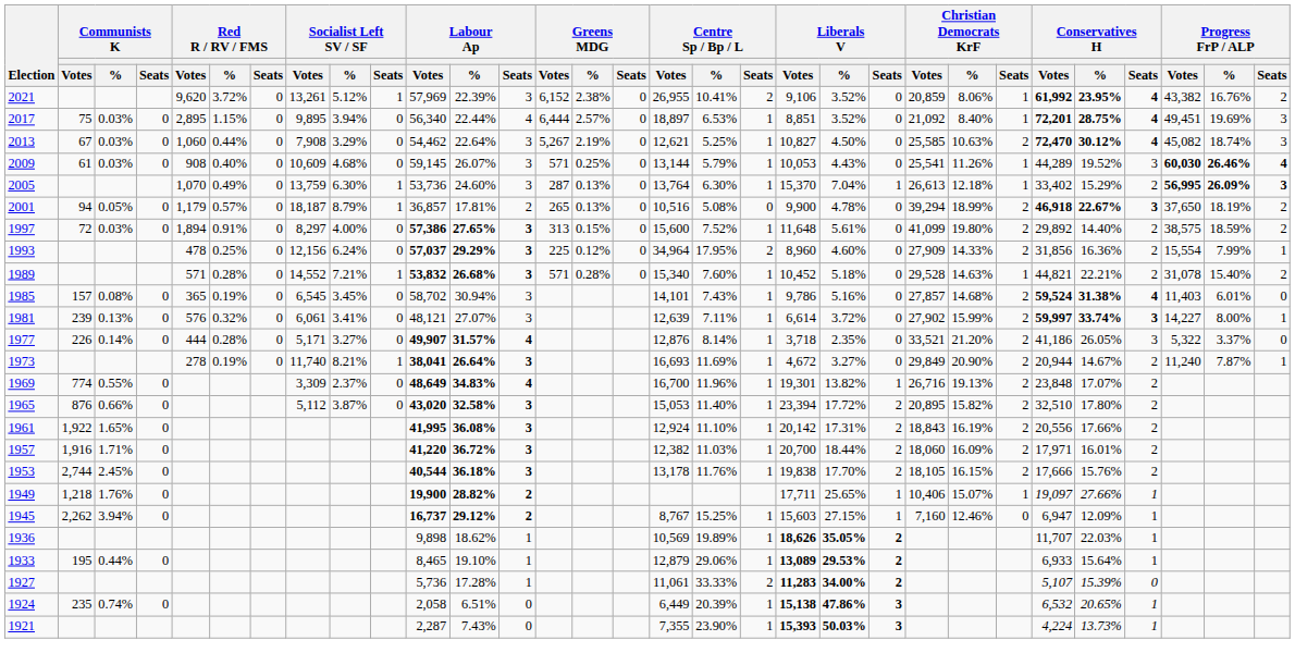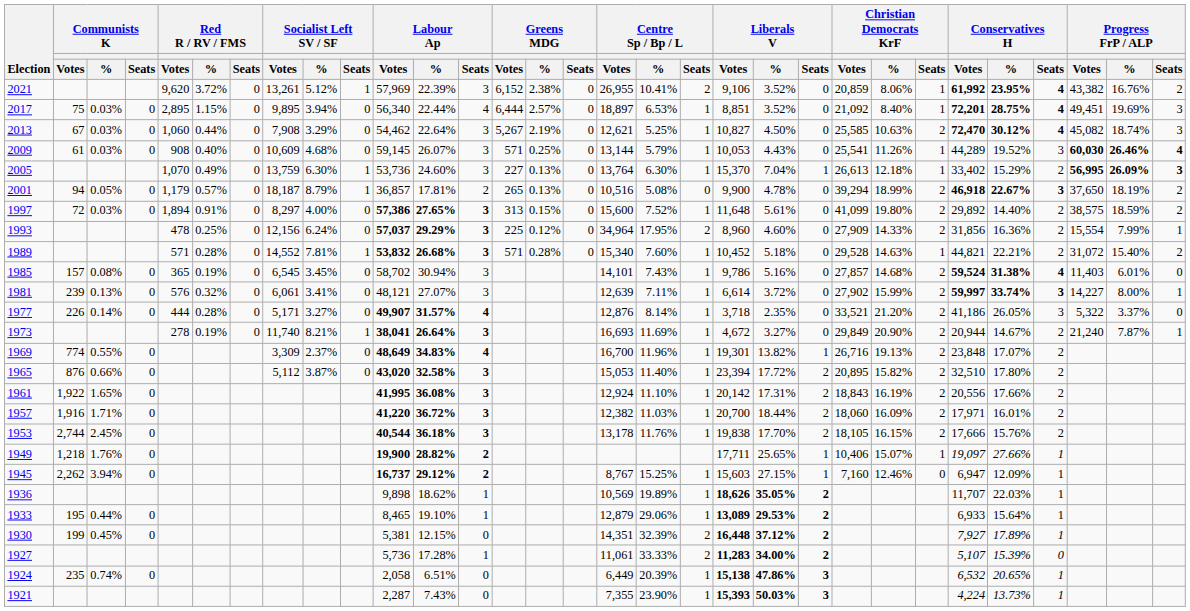 <table class="wikitable" border="1" style="font-size:80%; text-align:right;">
 <tr>
 <th style="text-align:left;" valign=bottom rowspan=3>Election</th>
 <th valign=bottom colspan=3><a href='#'>Communists</a><br>K</th>
 <th valign=bottom colspan=3><a href='#'>Red</a><br>R / RV / FMS</th>
 <th valign=bottom colspan=3><a href='#'>Socialist Left</a><br>SV / SF</th>
 <th valign=bottom colspan=3><a href='#'>Labour</a><br>Ap</th>
 <th valign=bottom colspan=3><a href='#'>Greens</a><br>MDG</th>
 <th valign=bottom colspan=3><a href='#'>Centre</a><br>Sp / Bp / L</th>
 <th valign=bottom colspan=3><a href='#'>Liberals</a><br>V</th>
 <th valign=bottom colspan=3><a href='#'>Christian<br>Democrats</a><br>KrF</th>
 <th valign=bottom colspan=3><a href='#'>Conservatives</a><br>H</th>
 <th valign=bottom colspan=3><a href='#'>Progress</a><br>FrP / ALP</th>
 </tr>
 <tr>
 <th colspan=3 style="background:"></th>
 <th colspan=3 style="background:"></th>
 <th colspan=3 style="background:"></th>
 <th colspan=3 style="background:"></th>
 <th colspan=3 style="background:"></th>
 <th colspan=3 style="background:"></th>
 <th colspan=3 style="background:"></th>
 <th colspan=3 style="background:"></th>
 <th colspan=3 style="background:"></th>
 <th colspan=3 style="background:"></th>
 </tr>
 <tr>
 <th>Votes</th>
 <th>%</th>
 <th>Seats</th>
 <th>Votes</th>
 <th>%</th>
 <th>Seats</th>
 <th>Votes</th>
 <th>%</th>
 <th>Seats</th>
 <th>Votes</th>
 <th>%</th>
 <th>Seats</th>
 <th>Votes</th>
 <th>%</th>
 <th>Seats</th>
 <th>Votes</th>
 <th>%</th>
 <th>Seats</th>
 <th>Votes</th>
 <th>%</th>
 <th>Seats</th>
 <th>Votes</th>
 <th>%</th>
 <th>Seats</th>
 <th>Votes</th>
 <th>%</th>
 <th>Seats</th>
 <th>Votes</th>
 <th>%</th>
 <th>Seats</th>
 </tr>
 <tr>
 <td align=left><a href='#'>2021</a></td>
 <td></td>
 <td></td>
 <td></td>
 <td>9,620</td>
 <td>3.72%</td>
 <td>0</td>
 <td>13,261</td>
 <td>5.12%</td>
 <td>1</td>
 <td>57,969</td>
 <td>22.39%</td>
 <td>3</td>
 <td>6,152</td>
 <td>2.38%</td>
 <td>0</td>
 <td>26,955</td>
 <td>10.41%</td>
 <td>2</td>
 <td>9,106</td>
 <td>3.52%</td>
 <td>0</td>
 <td>20,859</td>
 <td>8.06%</td>
 <td>1</td>
 <td><strong>61,992</strong></td>
 <td><strong>23.95%</strong></td>
 <td><strong>4</strong></td>
 <td>43,382</td>
 <td>16.76%</td>
 <td>2</td>
 </tr>
 <tr>
 <td align=left><a href='#'>2017</a></td>
 <td>75</td>
 <td>0.03%</td>
 <td>0</td>
 <td>2,895</td>
 <td>1.15%</td>
 <td>0</td>
 <td>9,895</td>
 <td>3.94%</td>
 <td>0</td>
 <td>56,340</td>
 <td>22.44%</td>
 <td>4</td>
 <td>6,444</td>
 <td>2.57%</td>
 <td>0</td>
 <td>18,897</td>
 <td>6.53%</td>
 <td>1</td>
 <td>8,851</td>
 <td>3.52%</td>
 <td>0</td>
 <td>21,092</td>
 <td>8.40%</td>
 <td>1</td>
 <td><strong>72,201</strong></td>
 <td><strong>28.75%</strong></td>
 <td><strong>4</strong></td>
 <td>49,451</td>
 <td>19.69%</td>
 <td>3</td>
 </tr>
 <tr>
 <td align=left><a href='#'>2013</a></td>
 <td>67</td>
 <td>0.03%</td>
 <td>0</td>
 <td>1,060</td>
 <td>0.44%</td>
 <td>0</td>
 <td>7,908</td>
 <td>3.29%</td>
 <td>0</td>
 <td>54,462</td>
 <td>22.64%</td>
 <td>3</td>
 <td>5,267</td>
 <td>2.19%</td>
 <td>0</td>
 <td>12,621</td>
 <td>5.25%</td>
 <td>1</td>
 <td>10,827</td>
 <td>4.50%</td>
 <td>0</td>
 <td>25,585</td>
 <td>10.63%</td>
 <td>2</td>
 <td><strong>72,470</strong></td>
 <td><strong>30.12%</strong></td>
 <td><strong>4</strong></td>
 <td>45,082</td>
 <td>18.74%</td>
 <td>3</td>
 </tr>
 <tr>
 <td align=left><a href='#'>2009</a></td>
 <td>61</td>
 <td>0.03%</td>
 <td>0</td>
 <td>908</td>
 <td>0.40%</td>
 <td>0</td>
 <td>10,609</td>
 <td>4.68%</td>
 <td>0</td>
 <td>59,145</td>
 <td>26.07%</td>
 <td>3</td>
 <td>571</td>
 <td>0.25%</td>
 <td>0</td>
 <td>13,144</td>
 <td>5.79%</td>
 <td>1</td>
 <td>10,053</td>
 <td>4.43%</td>
 <td>0</td>
 <td>25,541</td>
 <td>11.26%</td>
 <td>1</td>
 <td>44,289</td>
 <td>19.52%</td>
 <td>3</td>
 <td><strong>60,030</strong></td>
 <td><strong>26.46%</strong></td>
 <td><strong>4</strong></td>
 </tr>
 <tr>
 <td align=left><a href='#'>2005</a></td>
 <td></td>
 <td></td>
 <td></td>
 <td>1,070</td>
 <td>0.49%</td>
 <td>0</td>
 <td>13,759</td>
 <td>6.30%</td>
 <td>1</td>
 <td>53,736</td>
 <td>24.60%</td>
 <td>3</td>
-<td>287</td>
+<td>227</td>
 <td>0.13%</td>
 <td>0</td>
 <td>13,764</td>
 <td>6.30%</td>
 <td>1</td>
 <td>15,370</td>
 <td>7.04%</td>
 <td>1</td>
 <td>26,613</td>
 <td>12.18%</td>
 <td>1</td>
 <td>33,402</td>
 <td>15.29%</td>
 <td>2</td>
 <td><strong>56,995</strong></td>
 <td><strong>26.09%</strong></td>
 <td><strong>3</strong></td>
 </tr>
 <tr>
 <td align=left><a href='#'>2001</a></td>
 <td>94</td>
 <td>0.05%</td>
 <td>0</td>
 <td>1,179</td>
 <td>0.57%</td>
 <td>0</td>
 <td>18,187</td>
 <td>8.79%</td>
 <td>1</td>
 <td>36,857</td>
 <td>17.81%</td>
 <td>2</td>
 <td>265</td>
 <td>0.13%</td>
 <td>0</td>
 <td>10,516</td>
 <td>5.08%</td>
 <td>0</td>
 <td>9,900</td>
 <td>4.78%</td>
 <td>0</td>
 <td>39,294</td>
 <td>18.99%</td>
 <td>2</td>
 <td><strong>46,918</strong></td>
 <td><strong>22.67%</strong></td>
 <td><strong>3</strong></td>
 <td>37,650</td>
 <td>18.19%</td>
 <td>2</td>
 </tr>
 <tr>
 <td align=left><a href='#'>1997</a></td>
 <td>72</td>
 <td>0.03%</td>
 <td>0</td>
 <td>1,894</td>
 <td>0.91%</td>
 <td>0</td>
 <td>8,297</td>
 <td>4.00%</td>
 <td>0</td>
 <td><strong>57,386</strong></td>
 <td><strong>27.65%</strong></td>
 <td><strong>3</strong></td>
 <td>313</td>
 <td>0.15%</td>
 <td>0</td>
 <td>15,600</td>
 <td>7.52%</td>
 <td>1</td>
 <td>11,648</td>
 <td>5.61%</td>
 <td>0</td>
 <td>41,099</td>
 <td>19.80%</td>
 <td>2</td>
 <td>29,892</td>
 <td>14.40%</td>
 <td>2</td>
 <td>38,575</td>
 <td>18.59%</td>
 <td>2</td>
 </tr>
 <tr>
 <td align=left><a href='#'>1993</a></td>
 <td></td>
 <td></td>
 <td></td>
 <td>478</td>
 <td>0.25%</td>
 <td>0</td>
 <td>12,156</td>
 <td>6.24%</td>
 <td>0</td>
 <td><strong>57,037</strong></td>
 <td><strong>29.29%</strong></td>
 <td><strong>3</strong></td>
 <td>225</td>
 <td>0.12%</td>
 <td>0</td>
 <td>34,964</td>
 <td>17.95%</td>
 <td>2</td>
 <td>8,960</td>
 <td>4.60%</td>
 <td>0</td>
 <td>27,909</td>
 <td>14.33%</td>
 <td>2</td>
 <td>31,856</td>
 <td>16.36%</td>
 <td>2</td>
 <td>15,554</td>
 <td>7.99%</td>
 <td>1</td>
 </tr>
 <tr>
 <td align=left><a href='#'>1989</a></td>
 <td></td>
 <td></td>
 <td></td>
 <td>571</td>
 <td>0.28%</td>
 <td>0</td>
 <td>14,552</td>
-<td>7.21%</td>
+<td>7.81%</td>
 <td>1</td>
 <td><strong>53,832</strong></td>
 <td><strong>26.68%</strong></td>
 <td><strong>3</strong></td>
 <td>571</td>
 <td>0.28%</td>
 <td>0</td>
 <td>15,340</td>
 <td>7.60%</td>
 <td>1</td>
 <td>10,452</td>
 <td>5.18%</td>
 <td>0</td>
 <td>29,528</td>
 <td>14.63%</td>
 <td>1</td>
 <td>44,821</td>
 <td>22.21%</td>
 <td>2</td>
-<td>31,078</td>
+<td>31,072</td>
 <td>15.40%</td>
 <td>2</td>
 </tr>
 <tr>
 <td align=left><a href='#'>1985</a></td>
 <td>157</td>
 <td>0.08%</td>
 <td>0</td>
 <td>365</td>
 <td>0.19%</td>
 <td>0</td>
 <td>6,545</td>
 <td>3.45%</td>
 <td>0</td>
 <td>58,702</td>
 <td>30.94%</td>
 <td>3</td>
 <td></td>
 <td></td>
 <td></td>
 <td>14,101</td>
 <td>7.43%</td>
 <td>1</td>
 <td>9,786</td>
 <td>5.16%</td>
 <td>0</td>
 <td>27,857</td>
 <td>14.68%</td>
 <td>2</td>
 <td><strong>59,524</strong></td>
 <td><strong>31.38%</strong></td>
 <td><strong>4</strong></td>
 <td>11,403</td>
 <td>6.01%</td>
 <td>0</td>
 </tr>
 <tr>
 <td align=left><a href='#'>1981</a></td>
 <td>239</td>
 <td>0.13%</td>
 <td>0</td>
 <td>576</td>
 <td>0.32%</td>
 <td>0</td>
 <td>6,061</td>
 <td>3.41%</td>
 <td>0</td>
 <td>48,121</td>
 <td>27.07%</td>
 <td>3</td>
 <td></td>
 <td></td>
 <td></td>
 <td>12,639</td>
 <td>7.11%</td>
 <td>1</td>
 <td>6,614</td>
 <td>3.72%</td>
 <td>0</td>
 <td>27,902</td>
 <td>15.99%</td>
 <td>2</td>
 <td><strong>59,997</strong></td>
 <td><strong>33.74%</strong></td>
 <td><strong>3</strong></td>
 <td>14,227</td>
 <td>8.00%</td>
 <td>1</td>
 </tr>
 <tr>
 <td align=left><a href='#'>1977</a></td>
 <td>226</td>
 <td>0.14%</td>
 <td>0</td>
 <td>444</td>
 <td>0.28%</td>
 <td>0</td>
 <td>5,171</td>
 <td>3.27%</td>
 <td>0</td>
 <td><strong>49,907</strong></td>
 <td><strong>31.57%</strong></td>
 <td><strong>4</strong></td>
 <td></td>
 <td></td>
 <td></td>
 <td>12,876</td>
 <td>8.14%</td>
 <td>1</td>
 <td>3,718</td>
 <td>2.35%</td>
 <td>0</td>
 <td>33,521</td>
 <td>21.20%</td>
 <td>2</td>
 <td>41,186</td>
 <td>26.05%</td>
 <td>3</td>
 <td>5,322</td>
 <td>3.37%</td>
 <td>0</td>
 </tr>
 <tr>
 <td align=left><a href='#'>1973</a></td>
 <td></td>
 <td></td>
 <td></td>
 <td>278</td>
 <td>0.19%</td>
 <td>0</td>
 <td>11,740</td>
 <td>8.21%</td>
 <td>1</td>
 <td><strong>38,041</strong></td>
 <td><strong>26.64%</strong></td>
 <td><strong>3</strong></td>
 <td></td>
 <td></td>
 <td></td>
 <td>16,693</td>
 <td>11.69%</td>
 <td>1</td>
 <td>4,672</td>
 <td>3.27%</td>
 <td>0</td>
 <td>29,849</td>
 <td>20.90%</td>
 <td>2</td>
 <td>20,944</td>
 <td>14.67%</td>
 <td>2</td>
-<td>11,240</td>
+<td>21,240</td>
 <td>7.87%</td>
 <td>1</td>
 </tr>
 <tr>
 <td align=left><a href='#'>1969</a></td>
 <td>774</td>
 <td>0.55%</td>
 <td>0</td>
 <td></td>
 <td></td>
 <td></td>
 <td>3,309</td>
 <td>2.37%</td>
 <td>0</td>
 <td><strong>48,649</strong></td>
 <td><strong>34.83%</strong></td>
 <td><strong>4</strong></td>
 <td></td>
 <td></td>
 <td></td>
 <td>16,700</td>
 <td>11.96%</td>
 <td>1</td>
 <td>19,301</td>
 <td>13.82%</td>
 <td>1</td>
 <td>26,716</td>
 <td>19.13%</td>
 <td>2</td>
 <td>23,848</td>
 <td>17.07%</td>
 <td>2</td>
 <td></td>
 <td></td>
 <td></td>
 </tr>
 <tr>
 <td align=left><a href='#'>1965</a></td>
 <td>876</td>
 <td>0.66%</td>
 <td>0</td>
 <td></td>
 <td></td>
 <td></td>
 <td>5,112</td>
 <td>3.87%</td>
 <td>0</td>
 <td><strong>43,020</strong></td>
 <td><strong>32.58%</strong></td>
 <td><strong>3</strong></td>
 <td></td>
 <td></td>
 <td></td>
 <td>15,053</td>
 <td>11.40%</td>
 <td>1</td>
 <td>23,394</td>
 <td>17.72%</td>
 <td>2</td>
 <td>20,895</td>
 <td>15.82%</td>
 <td>2</td>
 <td>32,510</td>
 <td>17.80%</td>
 <td>2</td>
 <td></td>
 <td></td>
 <td></td>
 </tr>
 <tr>
 <td align=left><a href='#'>1961</a></td>
 <td>1,922</td>
 <td>1.65%</td>
 <td>0</td>
 <td></td>
 <td></td>
 <td></td>
 <td></td>
 <td></td>
 <td></td>
 <td><strong>41,995</strong></td>
 <td><strong>36.08%</strong></td>
 <td><strong>3</strong></td>
 <td></td>
 <td></td>
 <td></td>
 <td>12,924</td>
 <td>11.10%</td>
 <td>1</td>
 <td>20,142</td>
 <td>17.31%</td>
 <td>2</td>
 <td>18,843</td>
 <td>16.19%</td>
 <td>2</td>
 <td>20,556</td>
 <td>17.66%</td>
 <td>2</td>
 <td></td>
 <td></td>
 <td></td>
 </tr>
 <tr>
 <td align=left><a href='#'>1957</a></td>
 <td>1,916</td>
 <td>1.71%</td>
 <td>0</td>
 <td></td>
 <td></td>
 <td></td>
 <td></td>
 <td></td>
 <td></td>
 <td><strong>41,220</strong></td>
 <td><strong>36.72%</strong></td>
 <td><strong>3</strong></td>
 <td></td>
 <td></td>
 <td></td>
 <td>12,382</td>
 <td>11.03%</td>
 <td>1</td>
 <td>20,700</td>
 <td>18.44%</td>
 <td>2</td>
 <td>18,060</td>
 <td>16.09%</td>
 <td>2</td>
 <td>17,971</td>
 <td>16.01%</td>
 <td>2</td>
 <td></td>
 <td></td>
 <td></td>
 </tr>
 <tr>
 <td align=left><a href='#'>1953</a></td>
 <td>2,744</td>
 <td>2.45%</td>
 <td>0</td>
 <td></td>
 <td></td>
 <td></td>
 <td></td>
 <td></td>
 <td></td>
 <td><strong>40,544</strong></td>
 <td><strong>36.18%</strong></td>
 <td><strong>3</strong></td>
 <td></td>
 <td></td>
 <td></td>
 <td>13,178</td>
 <td>11.76%</td>
 <td>1</td>
 <td>19,838</td>
 <td>17.70%</td>
 <td>2</td>
 <td>18,105</td>
 <td>16.15%</td>
 <td>2</td>
 <td>17,666</td>
 <td>15.76%</td>
 <td>2</td>
 <td></td>
 <td></td>
 <td></td>
 </tr>
 <tr>
 <td align=left><a href='#'>1949</a></td>
 <td>1,218</td>
 <td>1.76%</td>
 <td>0</td>
 <td></td>
 <td></td>
 <td></td>
 <td></td>
 <td></td>
 <td></td>
 <td><strong>19,900</strong></td>
 <td><strong>28.82%</strong></td>
 <td><strong>2</strong></td>
 <td></td>
 <td></td>
 <td></td>
 <td></td>
 <td></td>
 <td></td>
 <td>17,711</td>
 <td>25.65%</td>
 <td>1</td>
 <td>10,406</td>
 <td>15.07%</td>
 <td>1</td>
 <td><em>19,097</em></td>
 <td><em>27.66%</em></td>
 <td><em>1</em></td>
 <td></td>
 <td></td>
 <td></td>
 </tr>
 <tr>
 <td align=left><a href='#'>1945</a></td>
 <td>2,262</td>
 <td>3.94%</td>
 <td>0</td>
 <td></td>
 <td></td>
 <td></td>
 <td></td>
 <td></td>
 <td></td>
 <td><strong>16,737</strong></td>
 <td><strong>29.12%</strong></td>
 <td><strong>2</strong></td>
 <td></td>
 <td></td>
 <td></td>
 <td>8,767</td>
 <td>15.25%</td>
 <td>1</td>
 <td>15,603</td>
 <td>27.15%</td>
 <td>1</td>
 <td>7,160</td>
 <td>12.46%</td>
 <td>0</td>
 <td>6,947</td>
 <td>12.09%</td>
 <td>1</td>
 <td></td>
 <td></td>
 <td></td>
 </tr>
 <tr>
 <td align=left><a href='#'>1936</a></td>
 <td></td>
 <td></td>
 <td></td>
 <td></td>
 <td></td>
 <td></td>
 <td></td>
 <td></td>
 <td></td>
 <td>9,898</td>
 <td>18.62%</td>
 <td>1</td>
 <td></td>
 <td></td>
 <td></td>
 <td>10,569</td>
 <td>19.89%</td>
 <td>1</td>
 <td><strong>18,626</strong></td>
 <td><strong>35.05%</strong></td>
 <td><strong>2</strong></td>
 <td></td>
 <td></td>
 <td></td>
 <td>11,707</td>
 <td>22.03%</td>
 <td>1</td>
 <td></td>
 <td></td>
 <td></td>
 </tr>
 <tr>
 <td align=left><a href='#'>1933</a></td>
 <td>195</td>
 <td>0.44%</td>
 <td>0</td>
 <td></td>
 <td></td>
 <td></td>
 <td></td>
 <td></td>
 <td></td>
 <td>8,465</td>
 <td>19.10%</td>
 <td>1</td>
 <td></td>
 <td></td>
 <td></td>
 <td>12,879</td>
 <td>29.06%</td>
 <td>1</td>
 <td><strong>13,089</strong></td>
 <td><strong>29.53%</strong></td>
 <td><strong>2</strong></td>
 <td></td>
 <td></td>
 <td></td>
 <td>6,933</td>
 <td>15.64%</td>
 <td>1</td>
 <td></td>
 <td></td>
 <td></td>
 </tr>
 <tr>
+<td align=left><a href='#'>1930</a></td>
+<td>199</td>
+<td>0.45%</td>
+<td>0</td>
+<td></td>
+<td></td>
+<td></td>
+<td></td>
+<td></td>
+<td></td>
+<td>5,381</td>
+<td>12.15%</td>
+<td>0</td>
+<td></td>
+<td></td>
+<td></td>
+<td>14,351</td>
+<td>32.39%</td>
+<td>2</td>
+<td><strong>16,448</strong></td>
+<td><strong>37.12%</strong></td>
+<td><strong>2</strong></td>
+<td></td>
+<td></td>
+<td></td>
+<td><em>7,927</em></td>
+<td><em>17.89%</em></td>
+<td><em>1</em></td>
+<td></td>
+<td></td>
+<td></td>
+</tr>
+<tr>
 <td align=left><a href='#'>1927</a></td>
 <td></td>
 <td></td>
 <td></td>
 <td></td>
 <td></td>
 <td></td>
 <td></td>
 <td></td>
 <td></td>
 <td>5,736</td>
 <td>17.28%</td>
 <td>1</td>
 <td></td>
 <td></td>
 <td></td>
 <td>11,061</td>
 <td>33.33%</td>
 <td>2</td>
 <td><strong>11,283</strong></td>
 <td><strong>34.00%</strong></td>
 <td><strong>2</strong></td>
 <td></td>
 <td></td>
 <td></td>
 <td><em>5,107</em></td>
 <td><em>15.39%</em></td>
 <td><em>0</em></td>
 <td></td>
 <td></td>
 <td></td>
 </tr>
 <tr>
 <td align=left><a href='#'>1924</a></td>
 <td>235</td>
 <td>0.74%</td>
 <td>0</td>
 <td></td>
 <td></td>
 <td></td>
 <td></td>
 <td></td>
 <td></td>
 <td>2,058</td>
 <td>6.51%</td>
 <td>0</td>
 <td></td>
 <td></td>
 <td></td>
 <td>6,449</td>
 <td>20.39%</td>
 <td>1</td>
 <td><strong>15,138</strong></td>
 <td><strong>47.86%</strong></td>
 <td><strong>3</strong></td>
 <td></td>
 <td></td>
 <td></td>
 <td><em>6,532</em></td>
 <td><em>20.65%</em></td>
 <td><em>1</em></td>
 <td></td>
 <td></td>
 <td></td>
 </tr>
 <tr>
 <td align=left><a href='#'>1921</a></td>
 <td></td>
 <td></td>
 <td></td>
 <td></td>
 <td></td>
 <td></td>
 <td></td>
 <td></td>
 <td></td>
 <td>2,287</td>
 <td>7.43%</td>
 <td>0</td>
 <td></td>
 <td></td>
 <td></td>
 <td>7,355</td>
 <td>23.90%</td>
 <td>1</td>
 <td><strong>15,393</strong></td>
 <td><strong>50.03%</strong></td>
 <td><strong>3</strong></td>
 <td></td>
 <td></td>
 <td></td>
 <td><em>4,224</em></td>
 <td><em>13.73%</em></td>
 <td><em>1</em></td>
 <td></td>
 <td></td>
 <td></td>
 </tr>
 </table>
